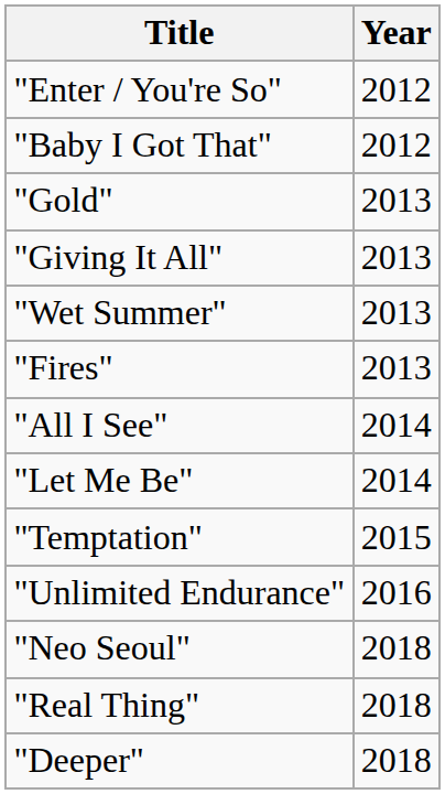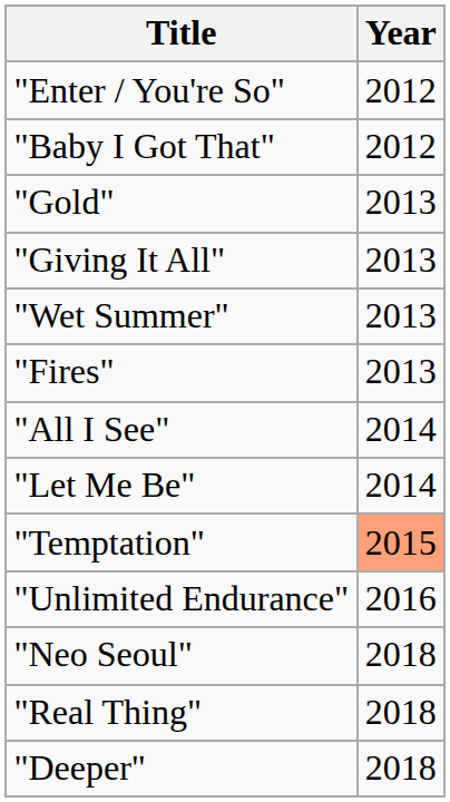 <table class="wikitable">
 <tr>
 <th>Title</th>
 <th>Year</th>
 </tr>
 <tr>
 <td>"Enter / You're So"</td>
 <td>2012</td>
 </tr>
 <tr>
 <td>"Baby I Got That"</td>
 <td>2012</td>
 </tr>
 <tr>
 <td>"Gold"</td>
 <td>2013</td>
 </tr>
 <tr>
 <td>"Giving It All"</td>
 <td>2013</td>
 </tr>
 <tr>
 <td>"Wet Summer"</td>
 <td>2013</td>
 </tr>
 <tr>
 <td>"Fires"</td>
 <td>2013</td>
 </tr>
 <tr>
 <td>"All I See"</td>
 <td>2014</td>
 </tr>
 <tr>
 <td>"Let Me Be"</td>
 <td>2014</td>
 </tr>
 <tr>
 <td>"Temptation"</td>
-<td>2015</td>
+<td style="background: lightsalmon;">2015</td>
 </tr>
 <tr>
 <td>"Unlimited Endurance"</td>
 <td>2016</td>
 </tr>
 <tr>
 <td>"Neo Seoul"</td>
 <td>2018</td>
 </tr>
 <tr>
 <td>"Real Thing"</td>
 <td>2018</td>
 </tr>
 <tr>
 <td>"Deeper"</td>
 <td>2018</td>
 </tr>
 </table>
